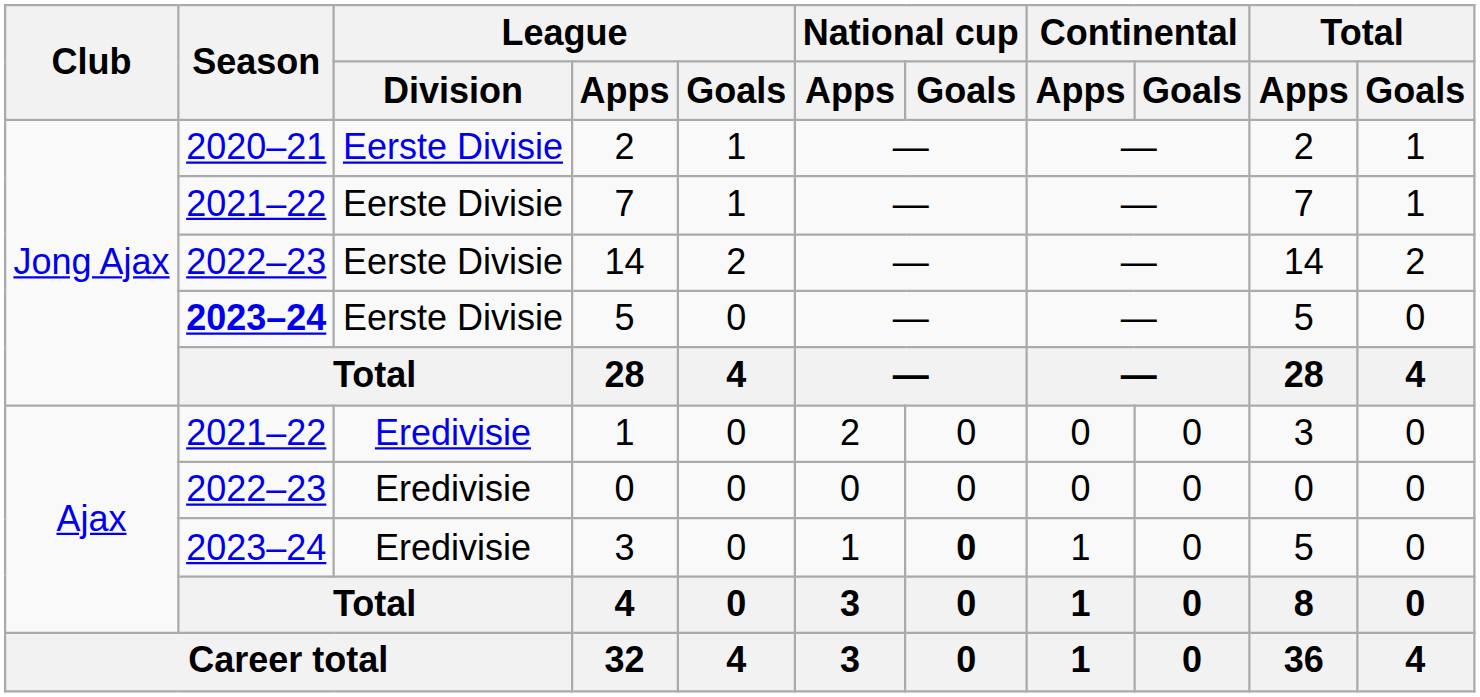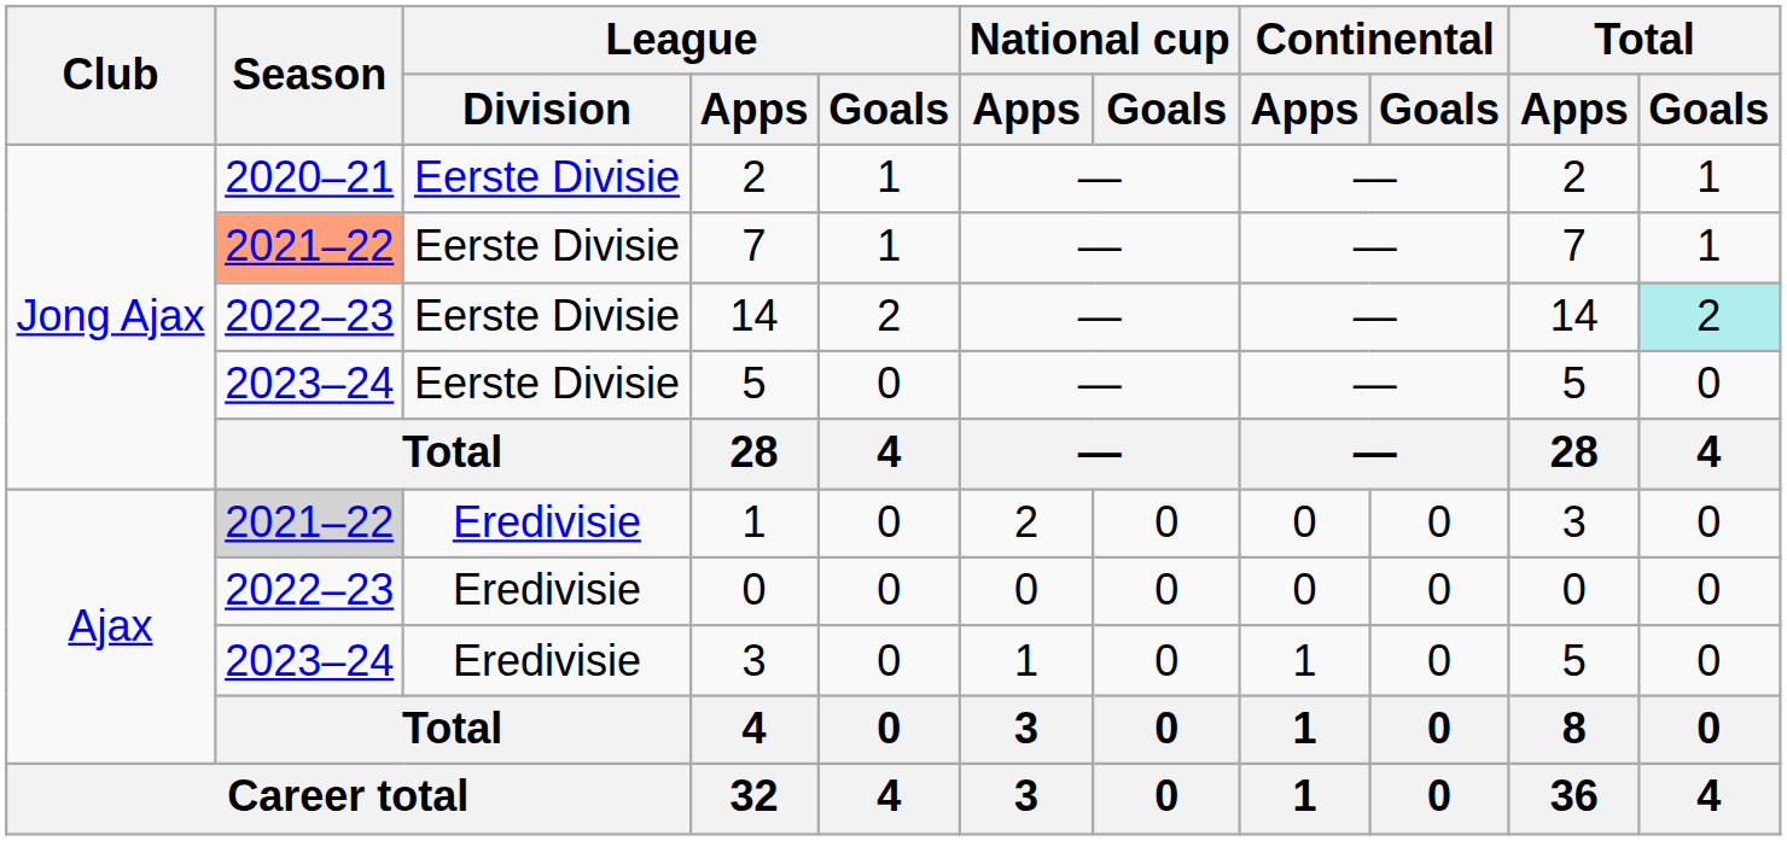 <table class="wikitable" Style="text-align: center">
 <tr>
 <th rowspan="2">Club</th>
 <th rowspan="2">Season</th>
 <th colspan="3">League</th>
 <th colspan="2">National cup</th>
 <th colspan="2">Continental</th>
 <th colspan="2">Total</th>
 </tr>
 <tr>
 <th>Division</th>
 <th>Apps</th>
 <th>Goals</th>
 <th>Apps</th>
 <th>Goals</th>
 <th>Apps</th>
 <th>Goals</th>
 <th>Apps</th>
 <th>Goals</th>
 </tr>
 <tr>
 <td rowspan="5"><a href='#'>Jong Ajax</a></td>
 <td><a href='#'>2020–21</a></td>
 <td><a href='#'>Eerste Divisie</a></td>
 <td>2</td>
 <td>1</td>
 <td colspan="2">—</td>
 <td colspan="2">—</td>
 <td>2</td>
 <td>1</td>
 </tr>
 <tr>
-<td><a href='#'>2021–22</a></td>
+<td style="background: lightsalmon;"><a href='#'>2021–22</a></td>
 <td>Eerste Divisie</td>
 <td>7</td>
 <td>1</td>
 <td colspan="2">—</td>
 <td colspan="2">—</td>
 <td>7</td>
 <td>1</td>
 </tr>
 <tr>
 <td><a href='#'>2022–23</a></td>
 <td>Eerste Divisie</td>
 <td>14</td>
 <td>2</td>
 <td colspan="2">—</td>
 <td colspan="2">—</td>
 <td>14</td>
-<td>2</td>
+<td style="background: paleturquoise;">2</td>
 </tr>
 <tr>
-<td><strong><a href='#'>2023–24</a></strong></td>
+<td><a href='#'>2023–24</a></td>
 <td>Eerste Divisie</td>
 <td>5</td>
 <td>0</td>
 <td colspan="2">—</td>
 <td colspan="2">—</td>
 <td>5</td>
 <td>0</td>
 </tr>
 <tr>
 <th colspan="2">Total</th>
 <th>28</th>
 <th>4</th>
 <th colspan="2">—</th>
 <th colspan="2">—</th>
 <th>28</th>
 <th>4</th>
 </tr>
 <tr>
 <td rowspan="4"><a href='#'>Ajax</a></td>
-<td><a href='#'>2021–22</a></td>
+<td style="background: lightgrey;"><a href='#'>2021–22</a></td>
 <td><a href='#'>Eredivisie</a></td>
 <td>1</td>
 <td>0</td>
 <td>2</td>
 <td>0</td>
 <td>0</td>
 <td>0</td>
 <td>3</td>
 <td>0</td>
 </tr>
 <tr>
 <td><a href='#'>2022–23</a></td>
 <td>Eredivisie</td>
 <td>0</td>
 <td>0</td>
 <td>0</td>
 <td>0</td>
 <td>0</td>
 <td>0</td>
 <td>0</td>
 <td>0</td>
 </tr>
 <tr>
 <td><a href='#'>2023–24</a></td>
 <td>Eredivisie</td>
 <td>3</td>
 <td>0</td>
 <td>1</td>
-<td><strong>0</strong></td>
+<td>0</td>
 <td>1</td>
 <td>0</td>
 <td>5</td>
 <td>0</td>
 </tr>
 <tr>
 <th colspan="2">Total</th>
 <th>4</th>
 <th>0</th>
 <th>3</th>
 <th>0</th>
 <th>1</th>
 <th>0</th>
 <th>8</th>
 <th>0</th>
 </tr>
 <tr>
 <th colspan="3">Career total</th>
 <th>32</th>
 <th>4</th>
 <th>3</th>
 <th>0</th>
 <th>1</th>
 <th>0</th>
 <th>36</th>
 <th>4</th>
 </tr>
 </table>
